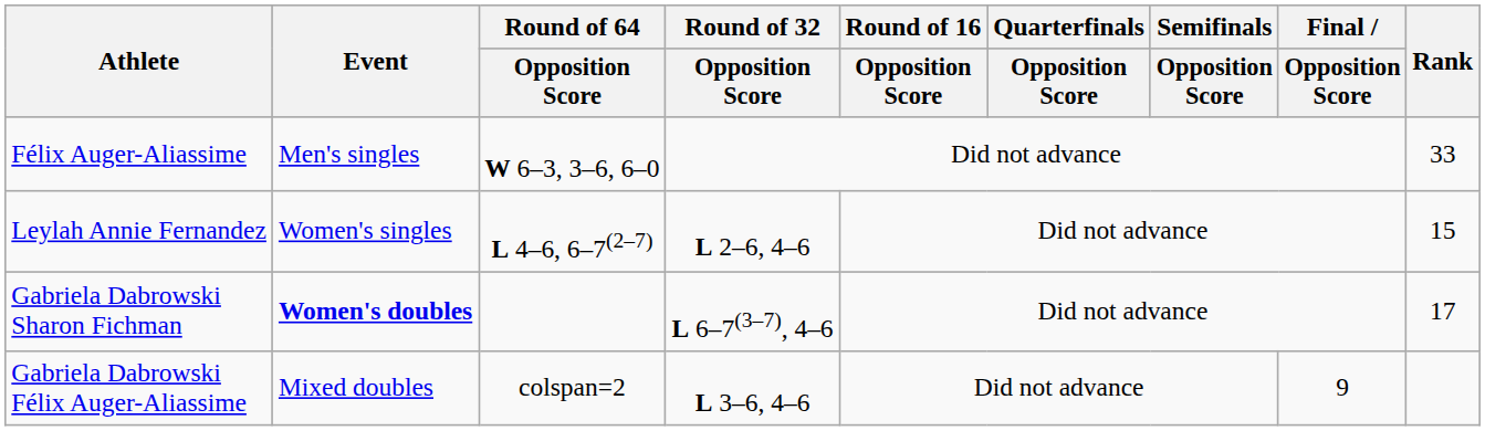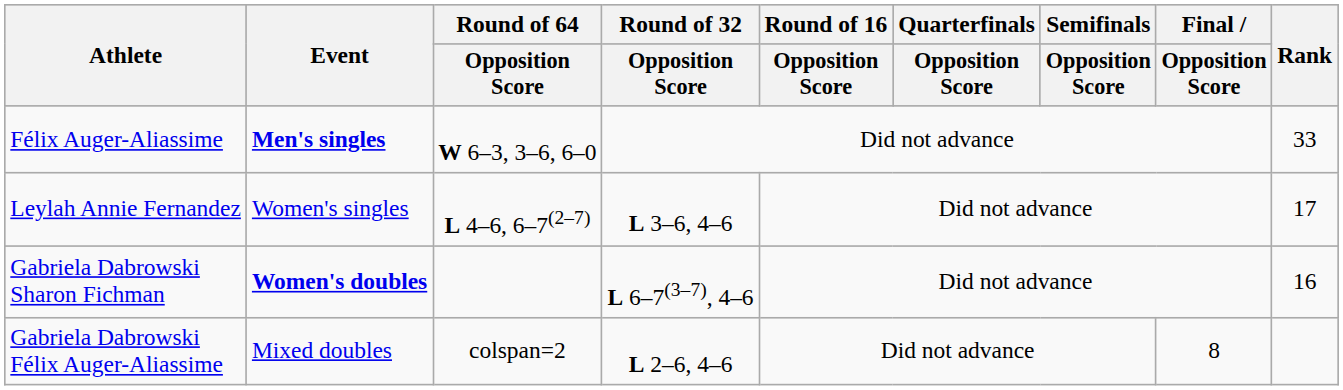 <table class=wikitable style=font-size:90%;text-align:center>
 <tr>
 <th rowspan=2>Athlete</th>
 <th rowspan=2>Event</th>
 <th>Round of 64</th>
 <th>Round of 32</th>
 <th>Round of 16</th>
 <th>Quarterfinals</th>
 <th>Semifinals</th>
 <th>Final / </th>
 <th rowspan=2>Rank</th>
 </tr>
 <tr style=font-size:95%>
 <th>Opposition<br>Score</th>
 <th>Opposition<br>Score</th>
 <th>Opposition<br>Score</th>
 <th>Opposition<br>Score</th>
 <th>Opposition<br>Score</th>
 <th>Opposition<br>Score</th>
 </tr>
 <tr>
 <td align=left><a href='#'>Félix Auger-Aliassime</a></td>
-<td align=left><a href='#'>Men's singles</a></td>
+<td align=left><strong><a href='#'>Men's singles</a></strong></td>
 <td><br><strong>W</strong> 6–3, 3–6, 6–0</td>
 <td colspan=5>Did not advance</td>
 <td>33</td>
 </tr>
 <tr>
 <td align=left><a href='#'>Leylah Annie Fernandez</a></td>
 <td align=left><a href='#'>Women's singles</a></td>
 <td><br><strong>L</strong> 4–6, 6–7<sup>(2–7)</sup></td>
-<td><br><strong>L</strong> 2–6, 4–6</td>
+<td><br><strong>L</strong> 3–6, 4–6</td>
 <td colspan=4>Did not advance</td>
-<td>15</td>
+<td>17</td>
 </tr>
 <tr align=centre>
 <td align=left><a href='#'>Gabriela Dabrowski</a><br><a href='#'>Sharon Fichman</a></td>
 <td align=left><strong><a href='#'>Women's doubles</a></strong></td>
 <td></td>
 <td><br><strong>L</strong> 6–7<sup>(3–7)</sup>, 4–6</td>
 <td colspan=4>Did not advance</td>
-<td>17</td>
+<td>16</td>
 </tr>
 <tr align=centre>
 <td align=left><a href='#'>Gabriela Dabrowski</a><br><a href='#'>Félix Auger-Aliassime</a></td>
 <td align=left><a href='#'>Mixed doubles</a></td>
 <td>colspan=2</td>
-<td><br><strong>L</strong> 3–6, 4–6</td>
+<td><br><strong>L</strong> 2–6, 4–6</td>
 <td colspan=3>Did not advance</td>
-<td>9</td>
+<td>8</td>
 </tr>
 </table>
